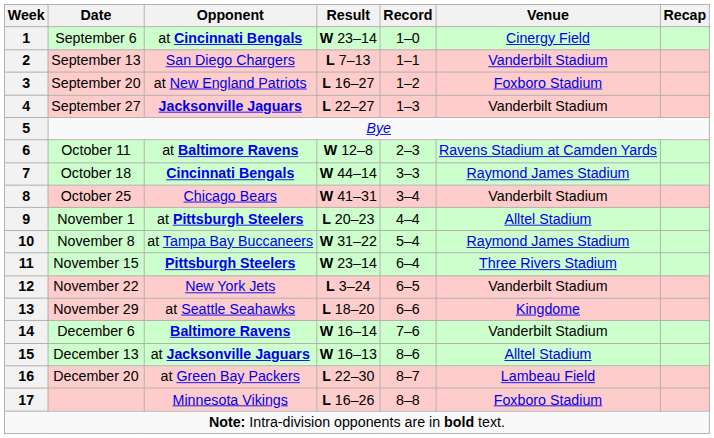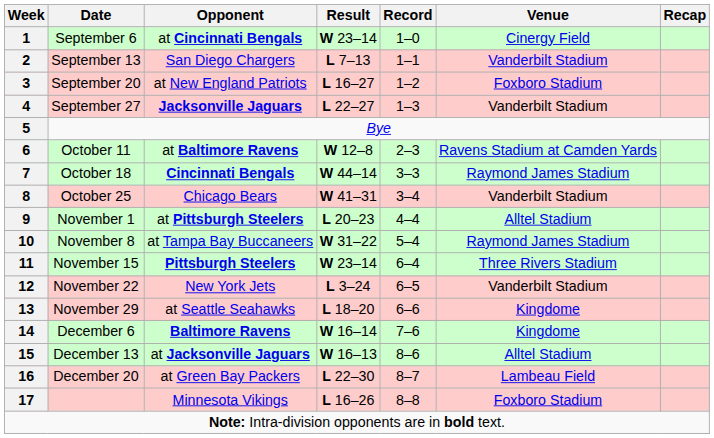 <table class="wikitable" style="text-align:center">
 <tr>
 <th>Week</th>
 <th>Date</th>
 <th>Opponent</th>
 <th>Result</th>
 <th>Record</th>
 <th>Venue</th>
 <th>Recap</th>
 </tr>
 <tr style="background:#cfc">
 <th>1</th>
 <td>September 6</td>
 <td>at <strong><a href='#'>Cincinnati Bengals</a></strong></td>
 <td><strong>W</strong> 23–14</td>
 <td>1–0</td>
 <td><a href='#'>Cinergy Field</a></td>
 <td></td>
 </tr>
 <tr style="background:#fcc">
 <th>2</th>
 <td>September 13</td>
 <td><a href='#'>San Diego Chargers</a></td>
 <td><strong>L</strong> 7–13</td>
 <td>1–1</td>
 <td><a href='#'>Vanderbilt Stadium</a></td>
 <td></td>
 </tr>
 <tr style="background:#fcc">
 <th>3</th>
 <td>September 20</td>
 <td>at <a href='#'>New England Patriots</a></td>
 <td><strong>L</strong> 16–27</td>
 <td>1–2</td>
 <td><a href='#'>Foxboro Stadium</a></td>
 <td></td>
 </tr>
 <tr style="background:#fcc">
 <th>4</th>
 <td>September 27</td>
 <td><strong><a href='#'>Jacksonville Jaguars</a></strong></td>
 <td><strong>L</strong> 22–27</td>
 <td>1–3</td>
 <td>Vanderbilt Stadium</td>
 <td></td>
 </tr>
 <tr>
 <th>5</th>
 <td colspan=6><em><a href='#'>Bye</a></em></td>
 </tr>
 <tr style="background: #cfc">
 <th>6</th>
 <td>October 11</td>
 <td>at <strong><a href='#'>Baltimore Ravens</a></strong></td>
 <td><strong>W</strong> 12–8</td>
 <td>2–3</td>
 <td><a href='#'>Ravens Stadium at Camden Yards</a></td>
 <td></td>
 </tr>
 <tr style="background:#cfc">
 <th>7</th>
 <td>October 18</td>
 <td><strong><a href='#'>Cincinnati Bengals</a></strong></td>
 <td><strong>W</strong> 44–14</td>
 <td>3–3</td>
 <td><a href='#'>Raymond James Stadium</a></td>
 <td></td>
 </tr>
 <tr style="background:#fcc">
 <th>8</th>
 <td>October 25</td>
 <td><a href='#'>Chicago Bears</a></td>
 <td><strong>W</strong> 41–31</td>
 <td>3–4</td>
 <td>Vanderbilt Stadium</td>
 <td></td>
 </tr>
 <tr style="background:#cfc">
 <th>9</th>
 <td>November 1</td>
 <td>at  <strong><a href='#'>Pittsburgh Steelers</a></strong></td>
 <td><strong>L</strong> 20–23</td>
 <td>4–4</td>
 <td><a href='#'>Alltel Stadium</a></td>
 <td></td>
 </tr>
 <tr style="background:#cfc">
 <th>10</th>
 <td>November 8</td>
 <td>at <a href='#'>Tampa Bay Buccaneers</a></td>
 <td><strong>W</strong> 31–22</td>
 <td>5–4</td>
 <td><a href='#'>Raymond James Stadium</a></td>
 <td></td>
 </tr>
 <tr style="background:#cfc">
 <th>11</th>
 <td>November 15</td>
 <td><strong><a href='#'>Pittsburgh Steelers</a></strong></td>
 <td><strong>W</strong> 23–14</td>
 <td>6–4</td>
 <td><a href='#'>Three Rivers Stadium</a></td>
 <td></td>
 </tr>
 <tr style="background:#fcc">
 <th>12</th>
 <td>November 22</td>
 <td><a href='#'>New York Jets</a></td>
 <td><strong>L</strong> 3–24</td>
 <td>6–5</td>
 <td>Vanderbilt Stadium</td>
 <td></td>
 </tr>
 <tr style="background:#fcc">
 <th>13</th>
 <td>November 29</td>
 <td>at <a href='#'>Seattle Seahawks</a></td>
 <td><strong>L</strong> 18–20</td>
 <td>6–6</td>
 <td><a href='#'>Kingdome</a></td>
 <td></td>
 </tr>
 <tr style="background:#cfc">
 <th>14</th>
 <td>December 6</td>
 <td><strong><a href='#'>Baltimore Ravens</a></strong></td>
 <td><strong>W</strong> 16–14</td>
 <td>7–6</td>
-<td>Vanderbilt Stadium</td>
+<td><a href='#'>Kingdome</a></td>
 <td></td>
 </tr>
 <tr style="background:#cfc">
 <th>15</th>
 <td>December 13</td>
 <td>at <strong><a href='#'>Jacksonville Jaguars</a></strong></td>
 <td><strong>W</strong> 16–13</td>
 <td>8–6</td>
 <td><a href='#'>Alltel Stadium</a></td>
 <td></td>
 </tr>
 <tr style="background:#fcc">
 <th>16</th>
 <td>December 20</td>
 <td>at <a href='#'>Green Bay Packers</a></td>
 <td><strong>L</strong> 22–30</td>
 <td>8–7</td>
 <td><a href='#'>Lambeau Field</a></td>
 <td></td>
 </tr>
 <tr style="background:#fcc">
 <th>17</th>
 <td></td>
 <td><a href='#'>Minnesota Vikings</a></td>
 <td><strong>L</strong> 16–26</td>
 <td>8–8</td>
 <td><a href='#'>Foxboro Stadium</a></td>
 <td></td>
 </tr>
 <tr>
 <td colspan="8"><strong>Note:</strong> Intra-division opponents are in <strong>bold</strong> text.</td>
 </tr>
 </table>
